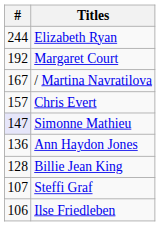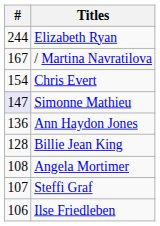 <table class=wikitable style="display:inline-table;">
 <tr>
 <th>#</th>
 <th>Titles</th>
 </tr>
 <tr>
 <td>244</td>
 <td> <a href='#'>Elizabeth Ryan</a></td>
 </tr>
 <tr>
-<td>192</td>
-<td> <a href='#'>Margaret Court</a></td>
-</tr>
-<tr>
 <td>167</td>
 <td>/ <a href='#'>Martina Navratilova</a></td>
 </tr>
 <tr>
-<td>157</td>
+<td>154</td>
 <td> <a href='#'>Chris Evert</a></td>
 </tr>
 <tr>
 <td style="background: lavender;">147</td>
 <td> <a href='#'>Simonne Mathieu</a></td>
 </tr>
 <tr>
 <td>136</td>
 <td> <a href='#'>Ann Haydon Jones</a></td>
 </tr>
 <tr>
 <td>128</td>
 <td> <a href='#'>Billie Jean King</a></td>
 </tr>
 <tr>
+<td>108</td>
+<td> <a href='#'>Angela Mortimer</a></td>
+</tr>
+<tr>
 <td>107</td>
 <td> <a href='#'>Steffi Graf</a></td>
 </tr>
 <tr>
 <td>106</td>
 <td> <a href='#'>Ilse Friedleben</a></td>
 </tr>
 </table>
